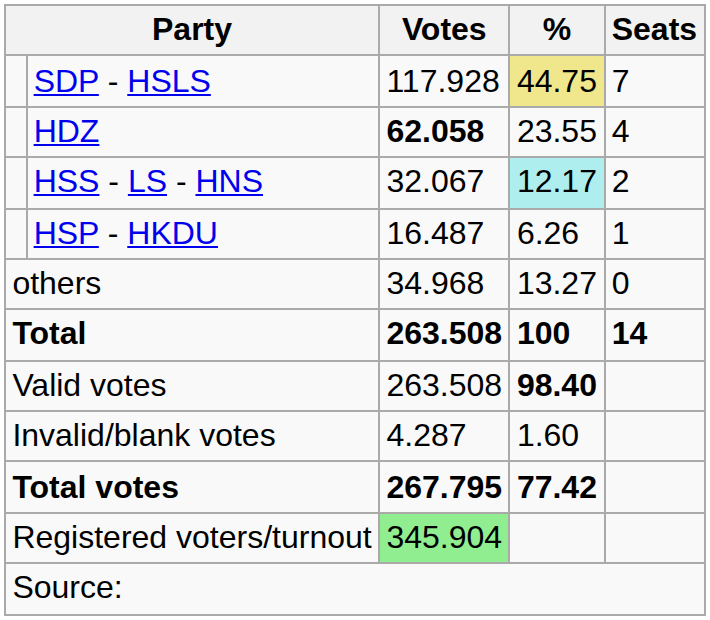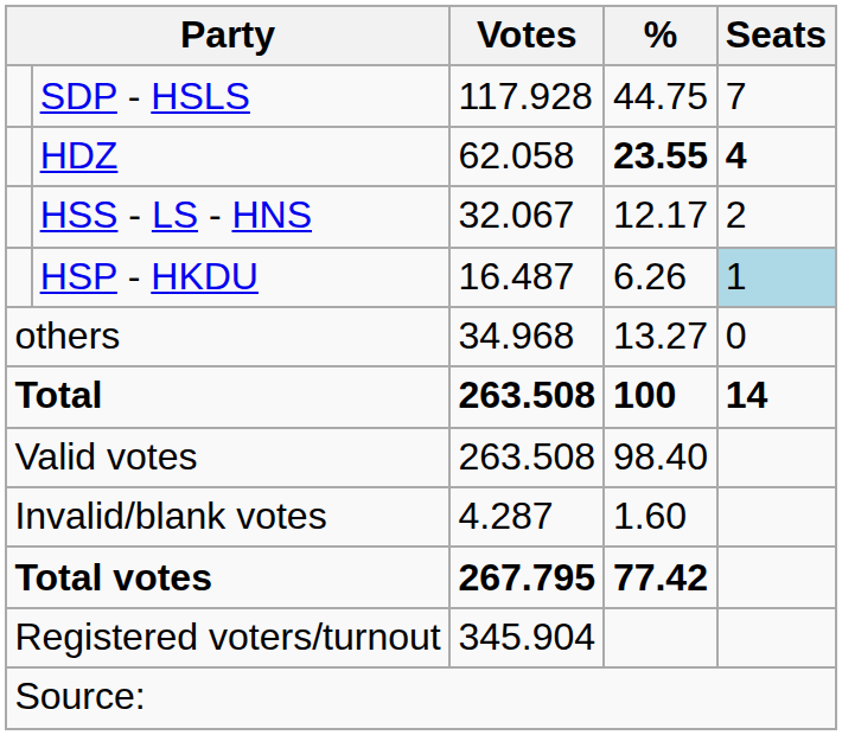 <table class="wikitable" style="text-align: left;">
 <tr>
 <th colspan="2">Party</th>
 <th>Votes</th>
 <th>%</th>
 <th>Seats</th>
 </tr>
 <tr>
 <td style="background-color: "></td>
 <td><a href='#'>SDP</a> - <a href='#'>HSLS</a></td>
 <td>117.928</td>
-<td style="background: khaki;">44.75</td>
+<td>44.75</td>
 <td>7</td>
 </tr>
 <tr>
 <td style="background-color: "></td>
 <td><a href='#'>HDZ</a></td>
-<td><strong>62.058</strong></td>
-<td>23.55</td>
-<td>4</td>
+<td>62.058</td>
+<td><strong>23.55</strong></td>
+<td><strong>4</strong></td>
 </tr>
 <tr>
 <td style="background-color: "></td>
 <td><a href='#'>HSS</a> - <a href='#'>LS</a> - <a href='#'>HNS</a></td>
 <td>32.067</td>
-<td style="background: paleturquoise;">12.17</td>
+<td>12.17</td>
 <td>2</td>
 </tr>
 <tr>
 <td style="background-color: "></td>
 <td><a href='#'>HSP</a> - <a href='#'>HKDU</a></td>
 <td>16.487</td>
 <td>6.26</td>
-<td>1</td>
+<td style="background: lightblue;">1</td>
 </tr>
 <tr>
 <td colspan="2">others</td>
 <td>34.968</td>
 <td>13.27</td>
 <td>0</td>
 </tr>
 <tr>
 <td colspan="2"><strong>Total</strong></td>
 <td><strong>263.508</strong></td>
 <td><strong>100</strong></td>
 <td><strong>14</strong></td>
 </tr>
 <tr>
 <td colspan="2">Valid votes</td>
 <td>263.508</td>
-<td><strong>98.40</strong></td>
+<td>98.40</td>
 <td></td>
 </tr>
 <tr>
 <td colspan="2">Invalid/blank votes</td>
 <td>4.287</td>
 <td>1.60</td>
 <td></td>
 </tr>
 <tr>
 <td colspan="2"><strong>Total votes</strong></td>
 <td><strong>267.795</strong></td>
 <td><strong>77.42</strong></td>
 <td></td>
 </tr>
 <tr>
 <td colspan="2">Registered voters/turnout</td>
-<td votes14="5343" style="background: lightgreen;">345.904</td>
+<td votes14="5343">345.904</td>
 <td></td>
 <td></td>
 </tr>
 <tr>
 <td colspan="5">Source: </td>
 </tr>
 </table>
